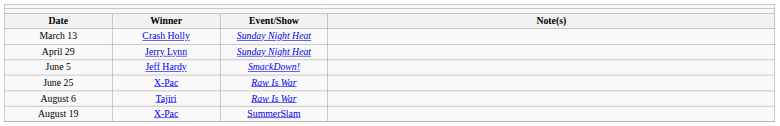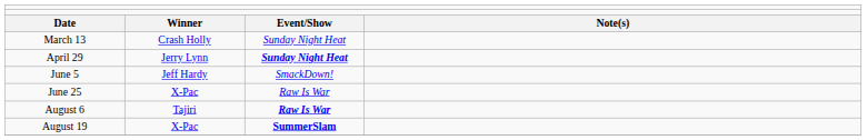 <table class="wikitable" style="text-align:center; width:100%;">
 <tr>
 <td colspan="5"></td>
 </tr>
 <tr>
 <td colspan="5"><strong></strong></td>
 </tr>
 <tr>
 <th width=14%>Date</th>
 <th width=14%>Winner</th>
 <th width=14%>Event/Show</th>
 <th width=58%>Note(s)</th>
 </tr>
 <tr>
 <td>March 13<br></td>
 <td><a href='#'>Crash Holly</a></td>
 <td><em><a href='#'>Sunday Night Heat</a></em></td>
 <td></td>
 </tr>
 <tr>
 <td>April 29</td>
 <td><a href='#'>Jerry Lynn</a></td>
-<td><em><a href='#'>Sunday Night Heat</a></em></td>
+<td><strong><em><a href='#'>Sunday Night Heat</a></em></strong></td>
 <td></td>
 </tr>
 <tr>
 <td>June 5<br></td>
 <td><a href='#'>Jeff Hardy</a></td>
 <td><em><a href='#'>SmackDown!</a></em></td>
 <td></td>
 </tr>
 <tr>
 <td>June 25</td>
 <td><a href='#'>X-Pac</a></td>
 <td><em><a href='#'>Raw Is War</a></em></td>
 <td></td>
 </tr>
 <tr>
 <td>August 6</td>
 <td><a href='#'>Tajiri</a></td>
-<td><em><a href='#'>Raw Is War</a></em></td>
+<td><strong><em><a href='#'>Raw Is War</a></em></strong></td>
 <td></td>
 </tr>
 <tr>
 <td>August 19</td>
 <td><a href='#'>X-Pac</a></td>
-<td><a href='#'>SummerSlam</a></td>
+<td><strong><a href='#'>SummerSlam</a></strong></td>
 <td></td>
 </tr>
 <tr>
 </tr>
 </table>
